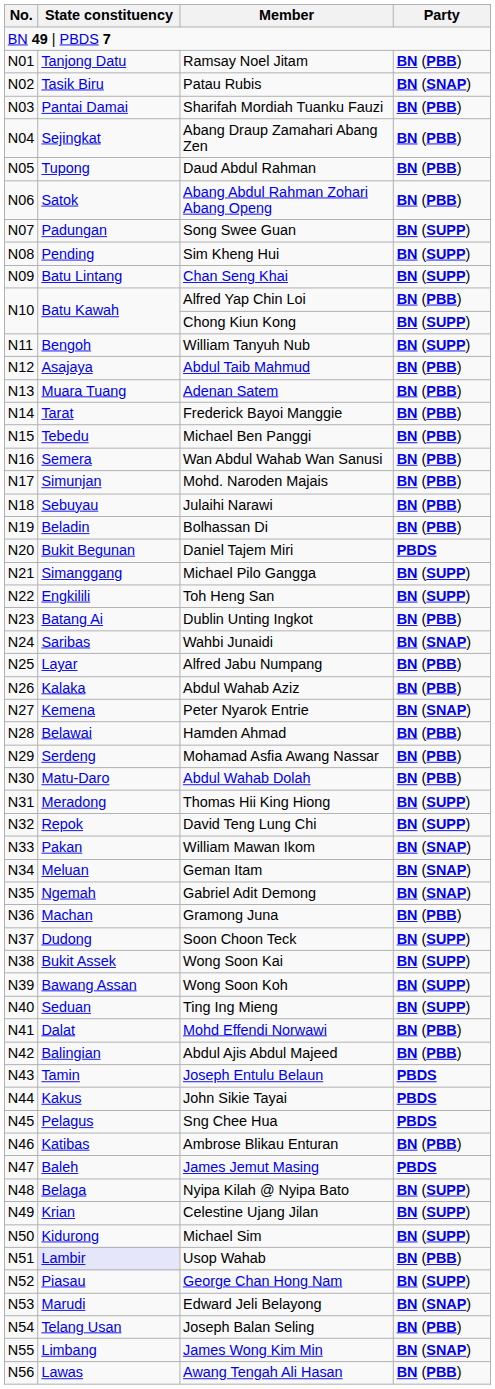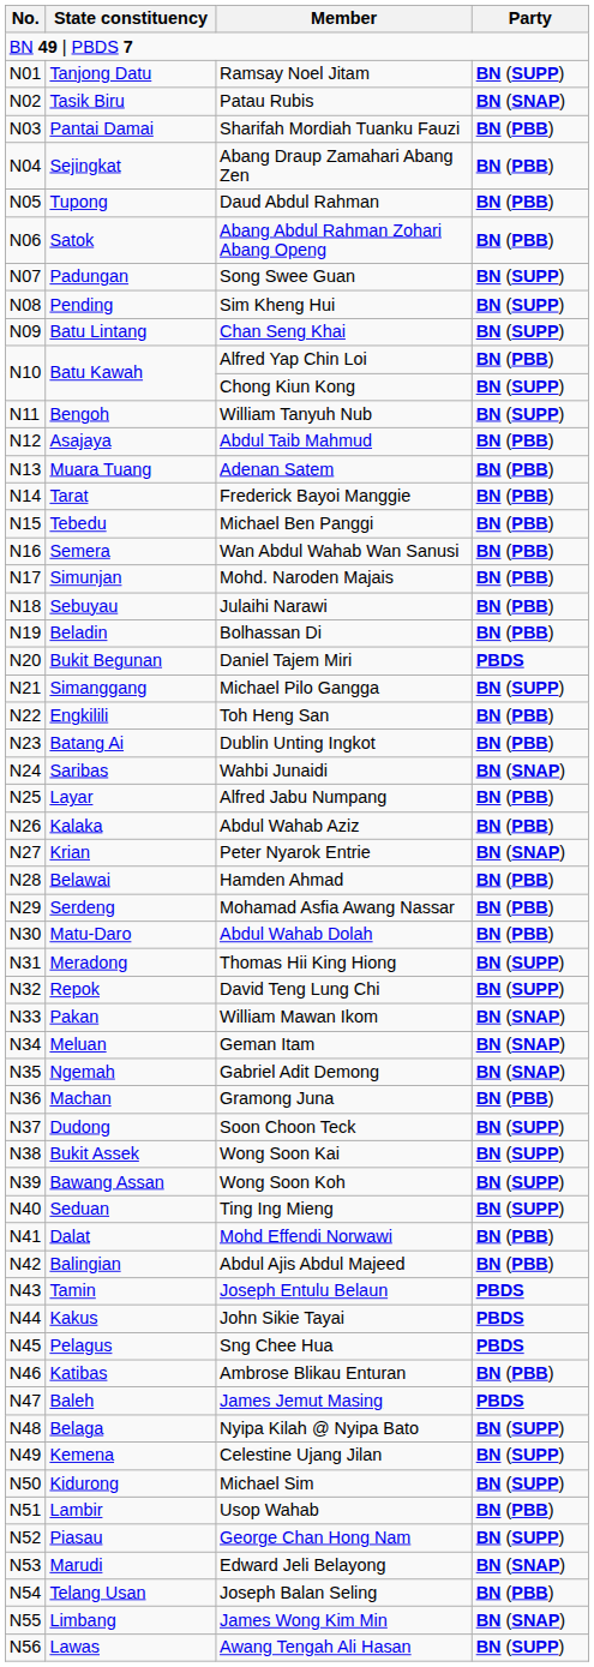 <table class="wikitable sortable">
 <tr>
 <th style="width:30px;">No.</th>
 <th style="width:150px;">State constituency</th>
 <th style="width:230px;">Member</th>
 <th style="width:100px;">Party</th>
 </tr>
 <tr>
 <td colspan="4"><a href='#'>BN</a> <strong>49</strong> | <a href='#'>PBDS</a> <strong>7</strong></td>
 </tr>
 <tr>
 <td>N01</td>
 <td><a href='#'>Tanjong Datu</a></td>
 <td>Ramsay Noel Jitam</td>
-<td><strong><a href='#'>BN</a></strong> (<strong><a href='#'>PBB</a></strong>)</td>
+<td><strong><a href='#'>BN</a></strong> (<strong><a href='#'>SUPP</a></strong>)</td>
 </tr>
 <tr>
 <td>N02</td>
 <td><a href='#'>Tasik Biru</a></td>
 <td>Patau Rubis</td>
 <td><strong><a href='#'>BN</a></strong> (<strong><a href='#'>SNAP</a></strong>)</td>
 </tr>
 <tr>
 <td>N03</td>
 <td><a href='#'>Pantai Damai</a></td>
 <td>Sharifah Mordiah Tuanku Fauzi</td>
 <td><strong><a href='#'>BN</a></strong> (<strong><a href='#'>PBB</a></strong>)</td>
 </tr>
 <tr>
 <td>N04</td>
 <td><a href='#'>Sejingkat</a></td>
 <td>Abang Draup Zamahari Abang Zen</td>
 <td><strong><a href='#'>BN</a></strong> (<strong><a href='#'>PBB</a></strong>)</td>
 </tr>
 <tr>
 <td>N05</td>
 <td><a href='#'>Tupong</a></td>
 <td>Daud Abdul Rahman</td>
 <td><strong><a href='#'>BN</a></strong> (<strong><a href='#'>PBB</a></strong>)</td>
 </tr>
 <tr>
 <td>N06</td>
 <td><a href='#'>Satok</a></td>
 <td><a href='#'>Abang Abdul Rahman Zohari Abang Openg</a></td>
 <td><strong><a href='#'>BN</a></strong> (<strong><a href='#'>PBB</a></strong>)</td>
 </tr>
 <tr>
 <td>N07</td>
 <td><a href='#'>Padungan</a></td>
 <td>Song Swee Guan</td>
 <td><strong><a href='#'>BN</a></strong> (<strong><a href='#'>SUPP</a></strong>)</td>
 </tr>
 <tr>
 <td>N08</td>
 <td><a href='#'>Pending</a></td>
 <td>Sim Kheng Hui</td>
 <td><strong><a href='#'>BN</a></strong> (<strong><a href='#'>SUPP</a></strong>)</td>
 </tr>
 <tr>
 <td>N09</td>
 <td><a href='#'>Batu Lintang</a></td>
 <td><a href='#'>Chan Seng Khai</a></td>
 <td><strong><a href='#'>BN</a></strong> (<strong><a href='#'>SUPP</a></strong>)</td>
 </tr>
 <tr>
 <td rowspan=2>N10</td>
 <td rowspan=2><a href='#'>Batu Kawah</a></td>
 <td>Alfred Yap Chin Loi </td>
 <td><strong><a href='#'>BN</a></strong> (<strong><a href='#'>PBB</a></strong>)</td>
 </tr>
 <tr>
 <td>Chong Kiun Kong </td>
 <td><strong><a href='#'>BN</a></strong> (<strong><a href='#'>SUPP</a></strong>)</td>
 </tr>
 <tr>
 <td>N11</td>
 <td><a href='#'>Bengoh</a></td>
 <td>William Tanyuh Nub</td>
 <td><strong><a href='#'>BN</a></strong> (<strong><a href='#'>SUPP</a></strong>)</td>
 </tr>
 <tr>
 <td>N12</td>
 <td><a href='#'>Asajaya</a></td>
 <td><a href='#'>Abdul Taib Mahmud</a></td>
 <td><strong><a href='#'>BN</a></strong> (<strong><a href='#'>PBB</a></strong>)</td>
 </tr>
 <tr>
 <td>N13</td>
 <td><a href='#'>Muara Tuang</a></td>
 <td><a href='#'>Adenan Satem</a></td>
 <td><strong><a href='#'>BN</a></strong> (<strong><a href='#'>PBB</a></strong>)</td>
 </tr>
 <tr>
 <td>N14</td>
 <td><a href='#'>Tarat</a></td>
 <td>Frederick Bayoi Manggie</td>
 <td><strong><a href='#'>BN</a></strong> (<strong><a href='#'>PBB</a></strong>)</td>
 </tr>
 <tr>
 <td>N15</td>
 <td><a href='#'>Tebedu</a></td>
 <td>Michael Ben Panggi</td>
 <td><strong><a href='#'>BN</a></strong> (<strong><a href='#'>PBB</a></strong>)</td>
 </tr>
 <tr>
 <td>N16</td>
 <td><a href='#'>Semera</a></td>
 <td>Wan Abdul Wahab Wan Sanusi</td>
 <td><strong><a href='#'>BN</a></strong> (<strong><a href='#'>PBB</a></strong>)</td>
 </tr>
 <tr>
 <td>N17</td>
 <td><a href='#'>Simunjan</a></td>
 <td>Mohd. Naroden Majais</td>
 <td><strong><a href='#'>BN</a></strong> (<strong><a href='#'>PBB</a></strong>)</td>
 </tr>
 <tr>
 <td>N18</td>
 <td><a href='#'>Sebuyau</a></td>
 <td>Julaihi Narawi</td>
 <td><strong><a href='#'>BN</a></strong> (<strong><a href='#'>PBB</a></strong>)</td>
 </tr>
 <tr>
 <td>N19</td>
 <td><a href='#'>Beladin</a></td>
 <td>Bolhassan Di</td>
 <td><strong><a href='#'>BN</a></strong> (<strong><a href='#'>PBB</a></strong>)</td>
 </tr>
 <tr>
 <td>N20</td>
 <td><a href='#'>Bukit Begunan</a></td>
 <td>Daniel Tajem Miri</td>
 <td><strong><a href='#'>PBDS</a></strong></td>
 </tr>
 <tr>
 <td>N21</td>
 <td><a href='#'>Simanggang</a></td>
 <td>Michael Pilo Gangga</td>
 <td><strong><a href='#'>BN</a></strong> (<strong><a href='#'>SUPP</a></strong>)</td>
 </tr>
 <tr>
 <td>N22</td>
 <td><a href='#'>Engkilili</a></td>
 <td>Toh Heng San</td>
-<td><strong><a href='#'>BN</a></strong> (<strong><a href='#'>SUPP</a></strong>)</td>
+<td><strong><a href='#'>BN</a></strong> (<strong><a href='#'>PBB</a></strong>)</td>
 </tr>
 <tr>
 <td>N23</td>
 <td><a href='#'>Batang Ai</a></td>
 <td>Dublin Unting Ingkot</td>
 <td><strong><a href='#'>BN</a></strong> (<strong><a href='#'>PBB</a></strong>)</td>
 </tr>
 <tr>
 <td>N24</td>
 <td><a href='#'>Saribas</a></td>
 <td>Wahbi Junaidi</td>
 <td><strong><a href='#'>BN</a></strong> (<strong><a href='#'>SNAP</a></strong>)</td>
 </tr>
 <tr>
 <td>N25</td>
 <td><a href='#'>Layar</a></td>
 <td>Alfred Jabu Numpang</td>
 <td><strong><a href='#'>BN</a></strong> (<strong><a href='#'>PBB</a></strong>)</td>
 </tr>
 <tr>
 <td>N26</td>
 <td><a href='#'>Kalaka</a></td>
 <td>Abdul Wahab Aziz</td>
 <td><strong><a href='#'>BN</a></strong> (<strong><a href='#'>PBB</a></strong>)</td>
 </tr>
 <tr>
 <td>N27</td>
-<td><a href='#'>Kemena</a></td>
+<td><a href='#'>Krian</a></td>
 <td>Peter Nyarok Entrie</td>
 <td><strong><a href='#'>BN</a></strong> (<strong><a href='#'>SNAP</a></strong>)</td>
 </tr>
 <tr>
 <td>N28</td>
 <td><a href='#'>Belawai</a></td>
 <td>Hamden Ahmad</td>
 <td><strong><a href='#'>BN</a></strong> (<strong><a href='#'>PBB</a></strong>)</td>
 </tr>
 <tr>
 <td>N29</td>
 <td><a href='#'>Serdeng</a></td>
 <td>Mohamad Asfia Awang Nassar</td>
 <td><strong><a href='#'>BN</a></strong> (<strong><a href='#'>PBB</a></strong>)</td>
 </tr>
 <tr>
 <td>N30</td>
 <td><a href='#'>Matu-Daro</a></td>
 <td><a href='#'>Abdul Wahab Dolah</a></td>
 <td><strong><a href='#'>BN</a></strong> (<strong><a href='#'>PBB</a></strong>)</td>
 </tr>
 <tr>
 <td>N31</td>
 <td><a href='#'>Meradong</a></td>
 <td>Thomas Hii King Hiong</td>
 <td><strong><a href='#'>BN</a></strong> (<strong><a href='#'>SUPP</a></strong>)</td>
 </tr>
 <tr>
 <td>N32</td>
 <td><a href='#'>Repok</a></td>
 <td>David Teng Lung Chi</td>
 <td><strong><a href='#'>BN</a></strong> (<strong><a href='#'>SUPP</a></strong>)</td>
 </tr>
 <tr>
 <td>N33</td>
 <td><a href='#'>Pakan</a></td>
 <td>William Mawan Ikom</td>
 <td><strong><a href='#'>BN</a></strong> (<strong><a href='#'>SNAP</a></strong>)</td>
 </tr>
 <tr>
 <td>N34</td>
 <td><a href='#'>Meluan</a></td>
 <td>Geman Itam</td>
 <td><strong><a href='#'>BN</a></strong> (<strong><a href='#'>SNAP</a></strong>)</td>
 </tr>
 <tr>
 <td>N35</td>
 <td><a href='#'>Ngemah</a></td>
 <td>Gabriel Adit Demong</td>
 <td><strong><a href='#'>BN</a></strong> (<strong><a href='#'>SNAP</a></strong>)</td>
 </tr>
 <tr>
 <td>N36</td>
 <td><a href='#'>Machan</a></td>
 <td>Gramong Juna</td>
 <td><strong><a href='#'>BN</a></strong> (<strong><a href='#'>PBB</a></strong>)</td>
 </tr>
 <tr>
 <td>N37</td>
 <td><a href='#'>Dudong</a></td>
 <td>Soon Choon Teck</td>
 <td><strong><a href='#'>BN</a></strong> (<strong><a href='#'>SUPP</a></strong>)</td>
 </tr>
 <tr>
 <td>N38</td>
 <td><a href='#'>Bukit Assek</a></td>
 <td>Wong Soon Kai</td>
 <td><strong><a href='#'>BN</a></strong> (<strong><a href='#'>SUPP</a></strong>)</td>
 </tr>
 <tr>
 <td>N39</td>
 <td><a href='#'>Bawang Assan</a></td>
 <td>Wong Soon Koh</td>
 <td><strong><a href='#'>BN</a></strong> (<strong><a href='#'>SUPP</a></strong>)</td>
 </tr>
 <tr>
 <td>N40</td>
 <td><a href='#'>Seduan</a></td>
 <td>Ting Ing Mieng</td>
 <td><strong><a href='#'>BN</a></strong> (<strong><a href='#'>SUPP</a></strong>)</td>
 </tr>
 <tr>
 <td>N41</td>
 <td><a href='#'>Dalat</a></td>
 <td><a href='#'>Mohd Effendi Norwawi</a></td>
 <td><strong><a href='#'>BN</a></strong> (<strong><a href='#'>PBB</a></strong>)</td>
 </tr>
 <tr>
 <td>N42</td>
 <td><a href='#'>Balingian</a></td>
 <td>Abdul Ajis Abdul Majeed</td>
 <td><strong><a href='#'>BN</a></strong> (<strong><a href='#'>PBB</a></strong>)</td>
 </tr>
 <tr>
 <td>N43</td>
 <td><a href='#'>Tamin</a></td>
 <td><a href='#'>Joseph Entulu Belaun</a></td>
 <td><strong><a href='#'>PBDS</a></strong></td>
 </tr>
 <tr>
 <td>N44</td>
 <td><a href='#'>Kakus</a></td>
 <td>John Sikie Tayai</td>
 <td><strong><a href='#'>PBDS</a></strong></td>
 </tr>
 <tr>
 <td>N45</td>
 <td><a href='#'>Pelagus</a></td>
 <td>Sng Chee Hua</td>
 <td><strong><a href='#'>PBDS</a></strong></td>
 </tr>
 <tr>
 <td>N46</td>
 <td><a href='#'>Katibas</a></td>
 <td>Ambrose Blikau Enturan</td>
 <td><strong><a href='#'>BN</a></strong> (<strong><a href='#'>PBB</a></strong>)</td>
 </tr>
 <tr>
 <td>N47</td>
 <td><a href='#'>Baleh</a></td>
 <td><a href='#'>James Jemut Masing</a></td>
 <td><strong><a href='#'>PBDS</a></strong></td>
 </tr>
 <tr>
 <td>N48</td>
 <td><a href='#'>Belaga</a></td>
 <td>Nyipa Kilah @ Nyipa Bato</td>
 <td><strong><a href='#'>BN</a></strong> (<strong><a href='#'>SUPP</a></strong>)</td>
 </tr>
 <tr>
 <td>N49</td>
-<td><a href='#'>Krian</a></td>
+<td><a href='#'>Kemena</a></td>
 <td>Celestine Ujang Jilan</td>
 <td><strong><a href='#'>BN</a></strong> (<strong><a href='#'>SUPP</a></strong>)</td>
 </tr>
 <tr>
 <td>N50</td>
 <td><a href='#'>Kidurong</a></td>
 <td>Michael Sim</td>
 <td><strong><a href='#'>BN</a></strong> (<strong><a href='#'>SUPP</a></strong>)</td>
 </tr>
 <tr>
 <td>N51</td>
-<td style="background: lavender;"><a href='#'>Lambir</a></td>
+<td><a href='#'>Lambir</a></td>
 <td>Usop Wahab</td>
 <td><strong><a href='#'>BN</a></strong> (<strong><a href='#'>PBB</a></strong>)</td>
 </tr>
 <tr>
 <td>N52</td>
 <td><a href='#'>Piasau</a></td>
 <td><a href='#'>George Chan Hong Nam</a></td>
 <td><strong><a href='#'>BN</a></strong> (<strong><a href='#'>SUPP</a></strong>)</td>
 </tr>
 <tr>
 <td>N53</td>
 <td><a href='#'>Marudi</a></td>
 <td>Edward Jeli Belayong</td>
 <td><strong><a href='#'>BN</a></strong> (<strong><a href='#'>SNAP</a></strong>)</td>
 </tr>
 <tr>
 <td>N54</td>
 <td><a href='#'>Telang Usan</a></td>
 <td>Joseph Balan Seling</td>
 <td><strong><a href='#'>BN</a></strong> (<strong><a href='#'>PBB</a></strong>)</td>
 </tr>
 <tr>
 <td>N55</td>
 <td><a href='#'>Limbang</a></td>
 <td><a href='#'>James Wong Kim Min</a></td>
 <td><strong><a href='#'>BN</a></strong> (<strong><a href='#'>SNAP</a></strong>)</td>
 </tr>
 <tr>
 <td>N56</td>
 <td><a href='#'>Lawas</a></td>
 <td><a href='#'>Awang Tengah Ali Hasan</a></td>
-<td><strong><a href='#'>BN</a></strong> (<strong><a href='#'>PBB</a></strong>)</td>
+<td><strong><a href='#'>BN</a></strong> (<strong><a href='#'>SUPP</a></strong>)</td>
 </tr>
 </table>
